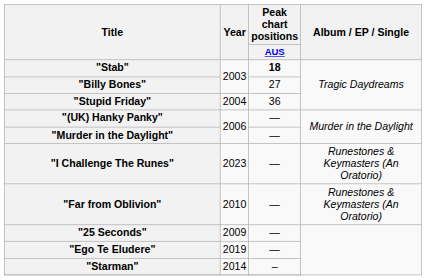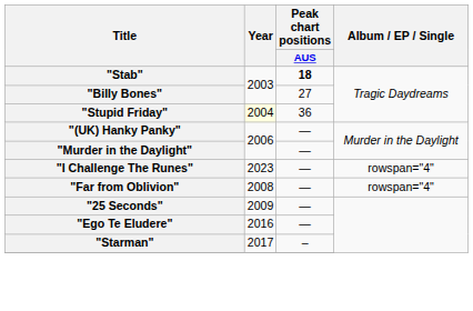 <table class="wikitable plainrowheaders" style="text-align:center;">
 <tr>
 <th scope="col" rowspan="2" style="width:20em;">Title</th>
 <th scope="col" rowspan="2" style="width:1em;">Year</th>
 <th scope="col">Peak chart positions</th>
 <th scope="col" rowspan="2" style="width:11em;">Album / EP / Single</th>
 </tr>
 <tr>
 <th scope="col" style="width:3em;font-size:90%;"><a href='#'>AUS</a><br></th>
 </tr>
 <tr>
 <th scope="row">"Stab"</th>
 <td rowspan="2">2003</td>
 <td><strong>18</strong></td>
 <td rowspan="3"><em>Tragic Daydreams</em></td>
 </tr>
 <tr>
 <th scope="row">"Billy Bones"</th>
 <td>27</td>
 </tr>
 <tr>
 <th scope="row">"Stupid Friday"</th>
-<td>2004</td>
+<td style="background: lightyellow;">2004</td>
 <td>36</td>
 </tr>
 <tr>
 <th scope="row">"(UK) Hanky Panky"</th>
 <td rowspan="2">2006</td>
 <td>—</td>
 <td rowspan="2"><em>Murder in the Daylight</em></td>
 </tr>
 <tr>
 <th scope="row">"Murder in the Daylight"</th>
 <td>—</td>
 </tr>
 <tr>
 <th scope="row">"I Challenge The Runes"</th>
 <td rowspan="1">2023</td>
 <td>—</td>
-<td rowspan="1"><em>Runestones & Keymasters (An Oratorio)</em></td>
+<td>rowspan="4" </td>
 </tr>
 <tr>
 <th scope="row">"Far from Oblivion"</th>
-<td>2010</td>
+<td>2008</td>
 <td>—</td>
-<td rowspan="1"><em>Runestones & Keymasters (An Oratorio)</em></td>
+<td>rowspan="4" </td>
 </tr>
 <tr>
 <th scope="row">"25 Seconds"</th>
 <td>2009</td>
 <td>—</td>
 </tr>
 <tr>
 <th scope="row">"Ego Te Eludere"</th>
-<td>2019</td>
+<td>2016</td>
 <td>—</td>
 </tr>
 <tr>
 <th scope="row">"Starman"</th>
-<td>2014</td>
+<td>2017</td>
 <td>–</td>
 </tr>
 <tr>
 </tr>
 </table>
